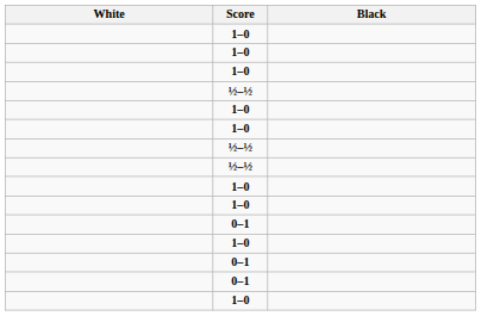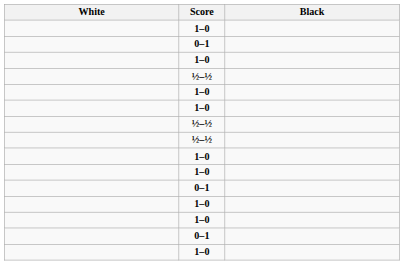 <table class="wikitable" style="text-align: center;">
 <tr>
 <th align="right" width="270">White</th>
 <th width="65">Score</th>
 <th align="left" width="270">Black</th>
 </tr>
 <tr>
 <td align=left></td>
 <td align=center><strong>1–0</strong></td>
 <td align=left><strong></strong></td>
 </tr>
 <tr>
 <td align=left></td>
-<td align=center><strong>1–0</strong></td>
+<td align=center><strong>0–1</strong></td>
 <td align=left><strong></strong></td>
 </tr>
 <tr>
 <td align=left><strong></strong></td>
 <td align=center><strong>1–0</strong></td>
 <td align=left></td>
 </tr>
 <tr>
 <td align=left></td>
 <td align=center><strong>½–½</strong></td>
 <td align=left></td>
 </tr>
 <tr>
 <td align=left><strong></strong></td>
 <td align=center><strong>1–0</strong></td>
 <td align=left></td>
 </tr>
 <tr>
 <td align=left><strong></strong></td>
 <td align=center><strong>1–0</strong></td>
 <td align=left></td>
 </tr>
 <tr>
 <td align=left></td>
 <td align=center><strong>½–½</strong></td>
 <td align=left></td>
 </tr>
 <tr>
 <td align=left></td>
 <td align=center><strong>½–½</strong></td>
 <td align=left></td>
 </tr>
 <tr>
 <td align=left><strong></strong></td>
 <td align=center><strong>1–0</strong></td>
 <td align=left></td>
 </tr>
 <tr>
 <td align=left><strong></strong></td>
 <td align=center><strong>1–0</strong></td>
 <td align=left></td>
 </tr>
 <tr>
 <td align=left></td>
 <td align=center><strong>0–1</strong></td>
 <td align=left><strong></strong></td>
 </tr>
 <tr>
 <td align=left><strong></strong></td>
 <td align=center><strong>1–0</strong></td>
 <td align=left></td>
 </tr>
 <tr>
 <td align=left></td>
-<td align=center><strong>0–1</strong></td>
+<td align=center><strong>1–0</strong></td>
 <td align=left><strong></strong></td>
 </tr>
 <tr>
 <td align=left></td>
 <td align=center><strong>0–1</strong></td>
 <td align=left><strong></strong></td>
 </tr>
 <tr>
 <td align=left><strong></strong></td>
 <td align=center><strong>1–0</strong></td>
 <td align=left></td>
 </tr>
 </table>
